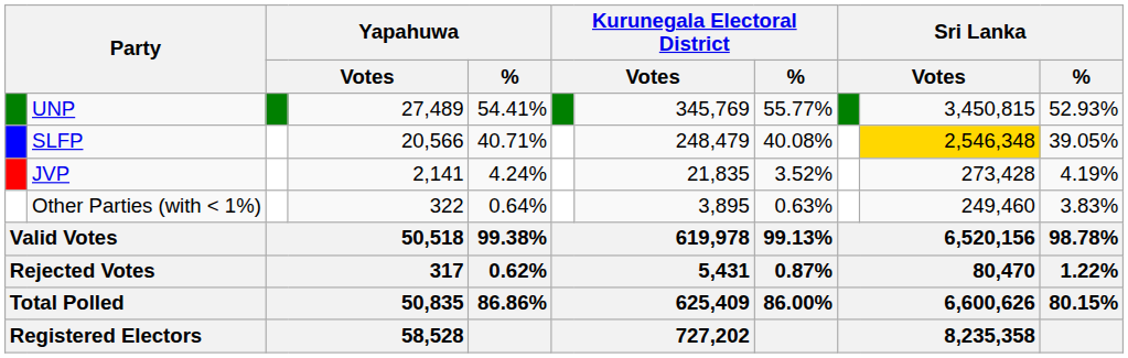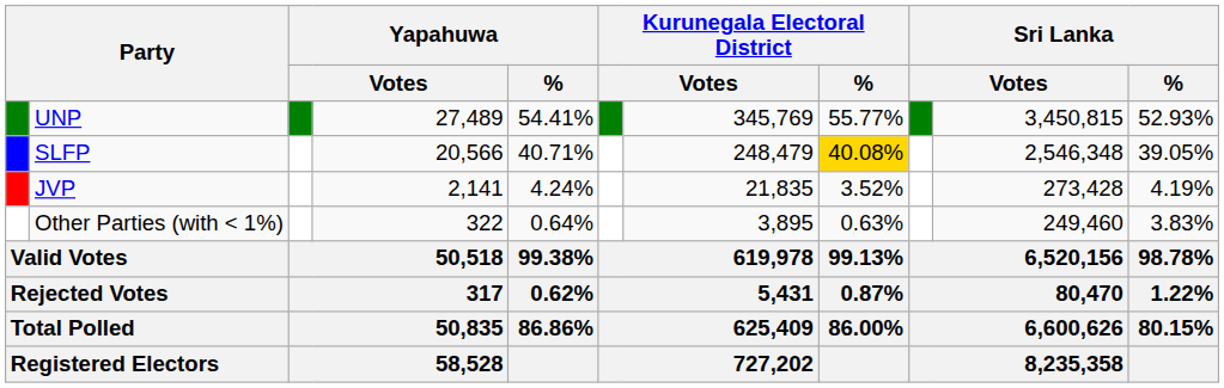 <table class="wikitable">
 <tr>
 <th colspan="2" width="144px"rowspan="2">Party</th>
 <th colspan="3" width="216px">Yapahuwa</th>
 <th colspan="3" width="216px"><a href='#'>Kurunegala Electoral District</a></th>
 <th colspan="3" width="216px">Sri Lanka</th>
 </tr>
 <tr>
 <th colspan="2" width="144px">Votes</th>
 <th>%</th>
 <th colspan="2" width="144px">Votes</th>
 <th>%</th>
 <th colspan="2" width="144px">Votes</th>
 <th>%</th>
 </tr>
 <tr>
 <td style="background-color:green;" width="10px"></td>
 <td style="text-align:left;"><a href='#'>UNP</a></td>
 <td style="background-color:green;" width="10px"></td>
 <td style="text-align:right;">27,489</td>
 <td style="text-align:right;">54.41%</td>
 <td style="background-color:green;" width="10px"></td>
 <td style="text-align:right;">345,769</td>
 <td style="text-align:right;">55.77%</td>
 <td style="background-color:green;" width="10px"></td>
 <td style="text-align:right;">3,450,815</td>
 <td style="text-align:right;">52.93%</td>
 </tr>
 <tr>
 <td style="background-color:blue;" width="10px"></td>
 <td style="text-align:left;"><a href='#'>SLFP</a></td>
 <td style="background-color:white;" width="10px"></td>
 <td style="text-align:right;">20,566</td>
 <td style="text-align:right;">40.71%</td>
 <td style="background-color:white;" width="10px"></td>
 <td style="text-align:right;">248,479</td>
-<td style="text-align:right;">40.08%</td>
+<td style="background: gold; text-align:right;">40.08%</td>
 <td style="background-color:white;" width="10px"></td>
-<td style="background: gold; text-align:right;">2,546,348</td>
+<td style="text-align:right;">2,546,348</td>
 <td style="text-align:right;">39.05%</td>
 </tr>
 <tr>
 <td style="background-color:red;" width="10px"></td>
 <td style="text-align:left;"><a href='#'>JVP</a></td>
 <td style="background-color:white;" width="10px"></td>
 <td style="text-align:right;">2,141</td>
 <td style="text-align:right;">4.24%</td>
 <td style="background-color:white;" width="10px"></td>
 <td style="text-align:right;">21,835</td>
 <td style="text-align:right;">3.52%</td>
 <td style="background-color:white;" width="10px"></td>
 <td style="text-align:right;">273,428</td>
 <td style="text-align:right;">4.19%</td>
 </tr>
 <tr>
 <td style="background-color:white;" width="10px"></td>
 <td style="text-align:left;">Other Parties (with < 1%)</td>
 <td style="background-color:white;" width="10px"></td>
 <td style="text-align:right;">322</td>
 <td style="text-align:right;">0.64%</td>
 <td style="background-color:white;" width="10px"></td>
 <td style="text-align:right;">3,895</td>
 <td style="text-align:right;">0.63%</td>
 <td style="background-color:white;" width="10px"></td>
 <td style="text-align:right;">249,460</td>
 <td style="text-align:right;">3.83%</td>
 </tr>
 <tr>
 <th colspan="2" width="144px"style="text-align:left;">Valid Votes</th>
 <th style="text-align:right;"colspan="2" width="144px">50,518</th>
 <th style="text-align:right;">99.38%</th>
 <th style="text-align:right;"colspan="2" width="144px">619,978</th>
 <th style="text-align:right;">99.13%</th>
 <th style="text-align:right;"colspan="2" width="144px">6,520,156</th>
 <th style="text-align:right;">98.78%</th>
 </tr>
 <tr>
 <th colspan="2" width="144px"style="text-align:left;">Rejected Votes</th>
 <th style="text-align:right;"colspan="2" width="144px">317</th>
 <th style="text-align:right;">0.62%</th>
 <th style="text-align:right;"colspan="2" width="144px">5,431</th>
 <th style="text-align:right;">0.87%</th>
 <th style="text-align:right;"colspan="2" width="144px">80,470</th>
 <th style="text-align:right;">1.22%</th>
 </tr>
 <tr>
 <th colspan="2" width="144px"style="text-align:left;">Total Polled</th>
 <th style="text-align:right;"colspan="2" width="144px">50,835</th>
 <th style="text-align:right;">86.86%</th>
 <th style="text-align:right;"colspan="2" width="144px">625,409</th>
 <th style="text-align:right;">86.00%</th>
 <th style="text-align:right;"colspan="2" width="144px">6,600,626</th>
 <th style="text-align:right;">80.15%</th>
 </tr>
 <tr>
 <th colspan="2" width="144px"style="text-align:left;">Registered Electors</th>
 <th style="text-align:right;"colspan="2" width="144px">58,528</th>
 <th></th>
 <th style="text-align:right;"colspan="2" width="144px">727,202</th>
 <th></th>
 <th style="text-align:right;"colspan="2" width="144px">8,235,358</th>
 <th></th>
 </tr>
 </table>
